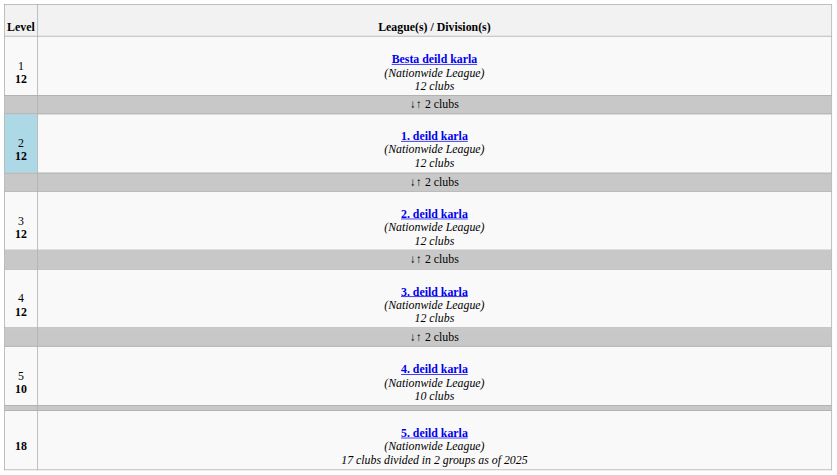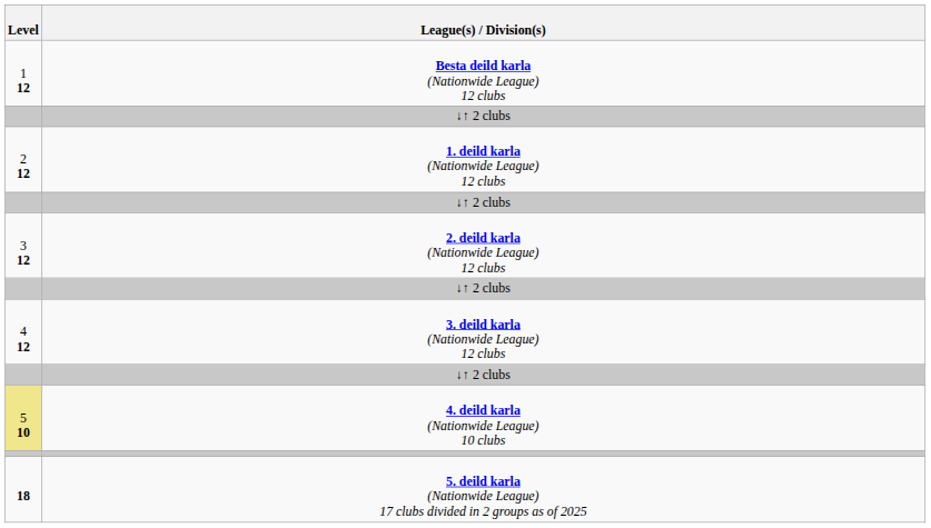 <table class="wikitable" style="text-align: center;">
 <tr>
 <th colspan="1" width="4%"><br>Level</th>
 <th colspan="8" width="96%"><br>League(s) / Division(s)</th>
 </tr>
 <tr>
 <td colspan="1" width="4%"><br>1<br><strong>12</strong></td>
 <td colspan="8" width="96%"><br><strong><a href='#'>Besta deild karla</a></strong><br> <em>(Nationwide League)</em><br> <em>12 clubs</em></td>
 </tr>
 <tr style="background:#c8c8c8">
 <td style="width:4%;"></td>
 <td colspan="9" style="width:96%;">↓↑ 2 clubs</td>
 </tr>
 <tr>
-<td colspan="1" width="4%" style="background: lightblue;"><br>2<br><strong>12</strong></td>
+<td colspan="1" width="4%"><br>2<br><strong>12</strong></td>
 <td colspan="8" width="96%"><br><strong><a href='#'>1. deild karla</a></strong><br> <em>(Nationwide League)</em> <br> <em>12 clubs</em></td>
 </tr>
 <tr style="background:#c8c8c8">
 <td style="width:4%;"></td>
 <td colspan="9" style="width:96%;">↓↑ 2 clubs</td>
 </tr>
 <tr>
 <td colspan="1" width="4%"><br>3<br><strong>12</strong></td>
 <td colspan="8" width="96%"><br><strong><a href='#'>2. deild karla</a></strong><br> <em>(Nationwide League)</em> <br> <em>12 clubs</em></td>
 </tr>
 <tr style="background:#c8c8c8">
 <td style="width:4%;"></td>
 <td colspan="9" style="width:96%;">↓↑ 2 clubs</td>
 </tr>
 <tr>
 <td colspan="1" width="4%"><br>4<br><strong>12</strong></td>
 <td colspan="8" width="96%"><br><strong><a href='#'>3. deild karla</a></strong><br> <em>(Nationwide League)</em> <br> <em>12 clubs</em></td>
 </tr>
 <tr style="background:#c8c8c8">
 <td style="width:4%;"></td>
 <td colspan="9" style="width:96%;">↓↑ 2 clubs</td>
 </tr>
 <tr>
-<td colspan="1" width="4%"><br>5<br><strong>10</strong></td>
+<td colspan="1" width="4%" style="background: khaki;"><br>5<br><strong>10</strong></td>
 <td colspan="8" width="96%"><br><strong><a href='#'>4. deild karla</a></strong><br> <em>(Nationwide League)</em><br> <em>10 clubs</em></td>
 </tr>
 <tr style="background:#c8c8c8">
 <td style="width:4%;"></td>
 <td colspan="9" style="width:96%;"></td>
 </tr>
 <tr>
 <td colspan="1" width="4%"><br><strong>18</strong></td>
 <td colspan="8" width="96%"><br><strong><a href='#'>5. deild karla</a></strong><br> <em>(Nationwide League)</em><br> <em>17 clubs divided in 2 groups as of 2025</em></td>
 </tr>
 </table>
